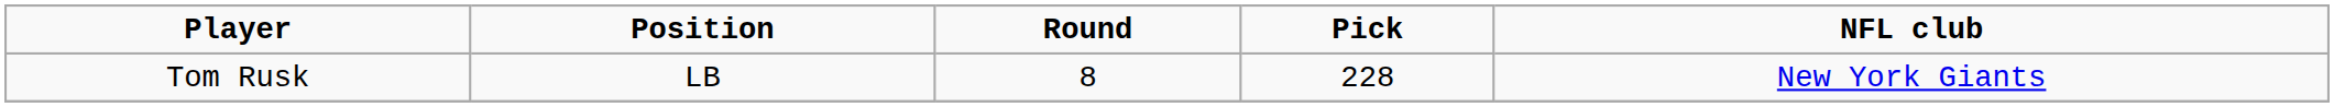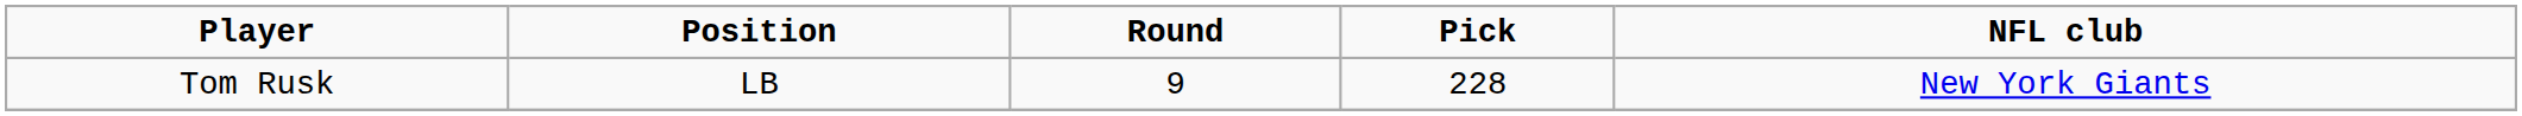 <table class="wikitable" width="80%">
 <tr align="center">
 <td><strong>Player</strong></td>
 <td><strong>Position</strong></td>
 <td><strong>Round</strong></td>
 <td><strong>Pick</strong></td>
 <td><strong>NFL club</strong></td>
 </tr>
 <tr align="center" bgcolor="">
 <td>Tom Rusk</td>
 <td>LB</td>
-<td>8</td>
+<td>9</td>
 <td>228</td>
 <td><a href='#'>New York Giants</a></td>
 </tr>
 <tr align="center" bgcolor="">
 </tr>
 </table>
